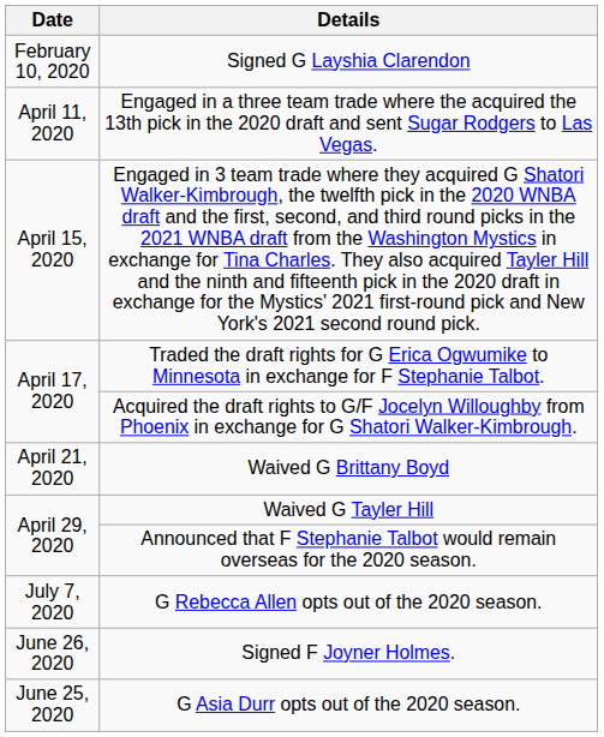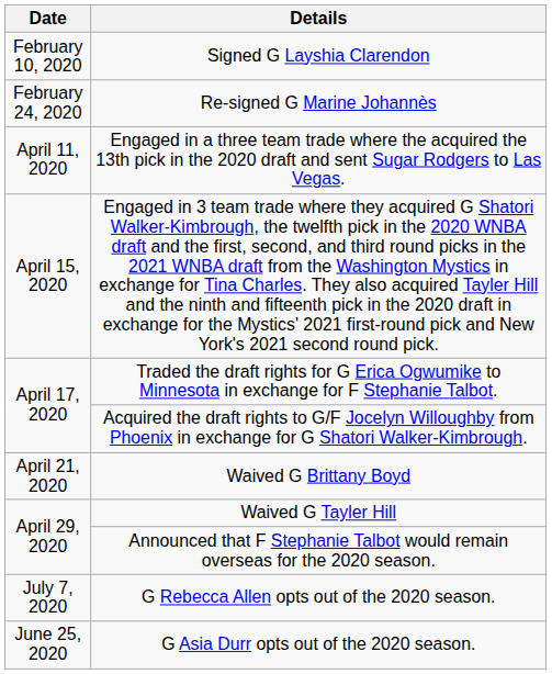 <table class="wikitable" style="width:80%; text-align:center">
 <tr>
 <th>Date</th>
 <th>Details</th>
 </tr>
 <tr>
 <td>February 10, 2020</td>
 <td>Signed G <a href='#'>Layshia Clarendon</a></td>
+</tr>
+<tr>
+<td>February 24, 2020</td>
+<td>Re-signed G <a href='#'>Marine Johannès</a></td>
 </tr>
 <tr>
 <td>April 11, 2020</td>
 <td>Engaged in a three team trade where the acquired the 13th pick in the 2020 draft and sent <a href='#'>Sugar Rodgers</a> to <a href='#'>Las Vegas</a>.</td>
 </tr>
 <tr>
 <td>April 15, 2020</td>
 <td>Engaged in 3 team trade where they acquired G <a href='#'>Shatori Walker-Kimbrough</a>, the twelfth pick in the <a href='#'>2020 WNBA draft</a> and the first, second, and third round picks in the <a href='#'>2021 WNBA draft</a> from the <a href='#'>Washington Mystics</a> in exchange for <a href='#'>Tina Charles</a>. They also acquired <a href='#'>Tayler Hill</a> and the ninth and fifteenth pick in the 2020 draft in exchange for the Mystics' 2021 first-round pick and New York's 2021 second round pick.</td>
 </tr>
 <tr>
 <td rowspan=2>April 17, 2020</td>
 <td>Traded the draft rights for G <a href='#'>Erica Ogwumike</a> to <a href='#'>Minnesota</a> in exchange for F <a href='#'>Stephanie Talbot</a>.</td>
 </tr>
 <tr>
 <td>Acquired the draft rights to G/F <a href='#'>Jocelyn Willoughby</a> from <a href='#'>Phoenix</a> in exchange for G <a href='#'>Shatori Walker-Kimbrough</a>.</td>
 </tr>
 <tr>
 <td>April 21, 2020</td>
 <td>Waived G <a href='#'>Brittany Boyd</a></td>
 </tr>
 <tr>
 <td rowspan=2>April 29, 2020</td>
 <td>Waived G <a href='#'>Tayler Hill</a></td>
 </tr>
 <tr>
 <td>Announced that F <a href='#'>Stephanie Talbot</a> would remain overseas for the 2020 season.</td>
 </tr>
 <tr>
 <td>July 7, 2020</td>
 <td>G <a href='#'>Rebecca Allen</a> opts out of the 2020 season.</td>
 </tr>
 <tr>
-<td>June 26, 2020</td>
-<td>Signed F <a href='#'>Joyner Holmes</a>.</td>
-</tr>
-<tr>
 <td>June 25, 2020</td>
 <td>G <a href='#'>Asia Durr</a> opts out of the 2020 season.</td>
 </tr>
 </table>
